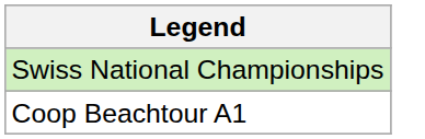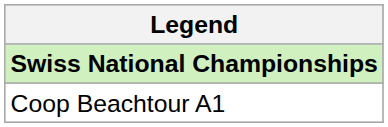 <table class= "wikitable mw-collapsible mw-collapsed" style=font-size:95%>
 <tr>
 <th>Legend</th>
 </tr>
 <tr bgcolor=#d0f0c0>
-<td>Swiss National Championships</td>
+<td><strong>Swiss National Championships</strong></td>
 </tr>
 <tr bgcolor=#ffffff>
 <td>Coop Beachtour A1</td>
 </tr>
 </table>
